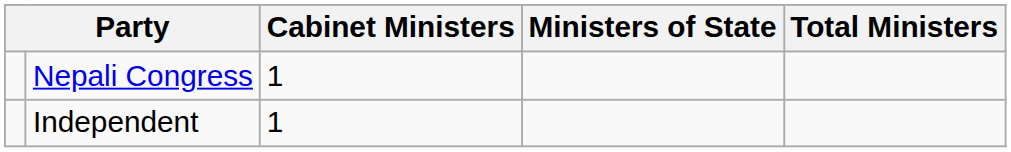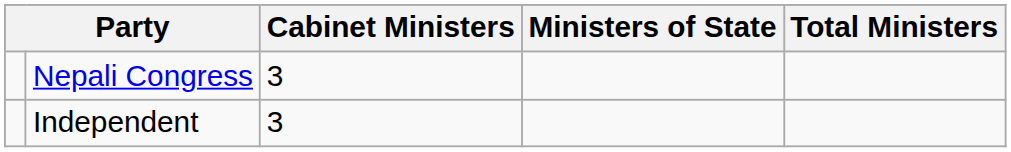 <table class="wikitable">
 <tr>
 <th colspan="2">Party</th>
 <th>Cabinet Ministers</th>
 <th>Ministers of State</th>
 <th>Total Ministers</th>
 </tr>
 <tr>
 <td width="4px"></td>
 <td><a href='#'>Nepali Congress</a></td>
-<td>1</td>
+<td>3</td>
 <td></td>
 <td></td>
 </tr>
 <tr>
 <td></td>
 <td>Independent</td>
-<td>1</td>
+<td>3</td>
 <td></td>
 <td></td>
 </tr>
 </table>
